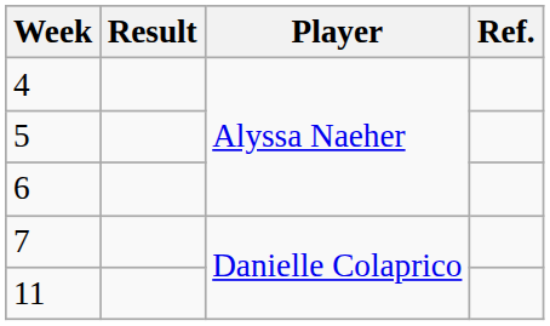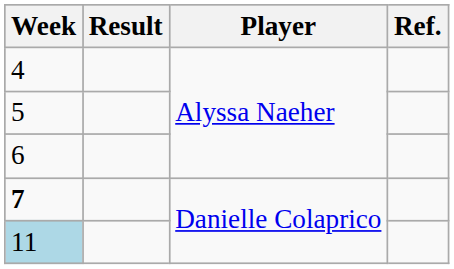 <table class="wikitable sortable">
 <tr>
 <th data-sort-type=number>Week</th>
 <th>Result</th>
 <th>Player</th>
 <th class=unsortable>Ref.</th>
 </tr>
 <tr>
 <td>4</td>
 <td></td>
 <td rowspan=3> <a href='#'>Alyssa Naeher</a></td>
 <td></td>
 </tr>
 <tr>
 <td>5</td>
 <td></td>
 <td></td>
 </tr>
 <tr>
 <td>6</td>
 <td></td>
 <td></td>
 </tr>
 <tr>
-<td>7</td>
+<td><strong>7</strong></td>
 <td></td>
 <td rowspan=2> <a href='#'>Danielle Colaprico</a></td>
 <td></td>
 </tr>
 <tr>
-<td>11</td>
+<td style="background: lightblue;">11</td>
 <td></td>
 <td></td>
 </tr>
 </table>
